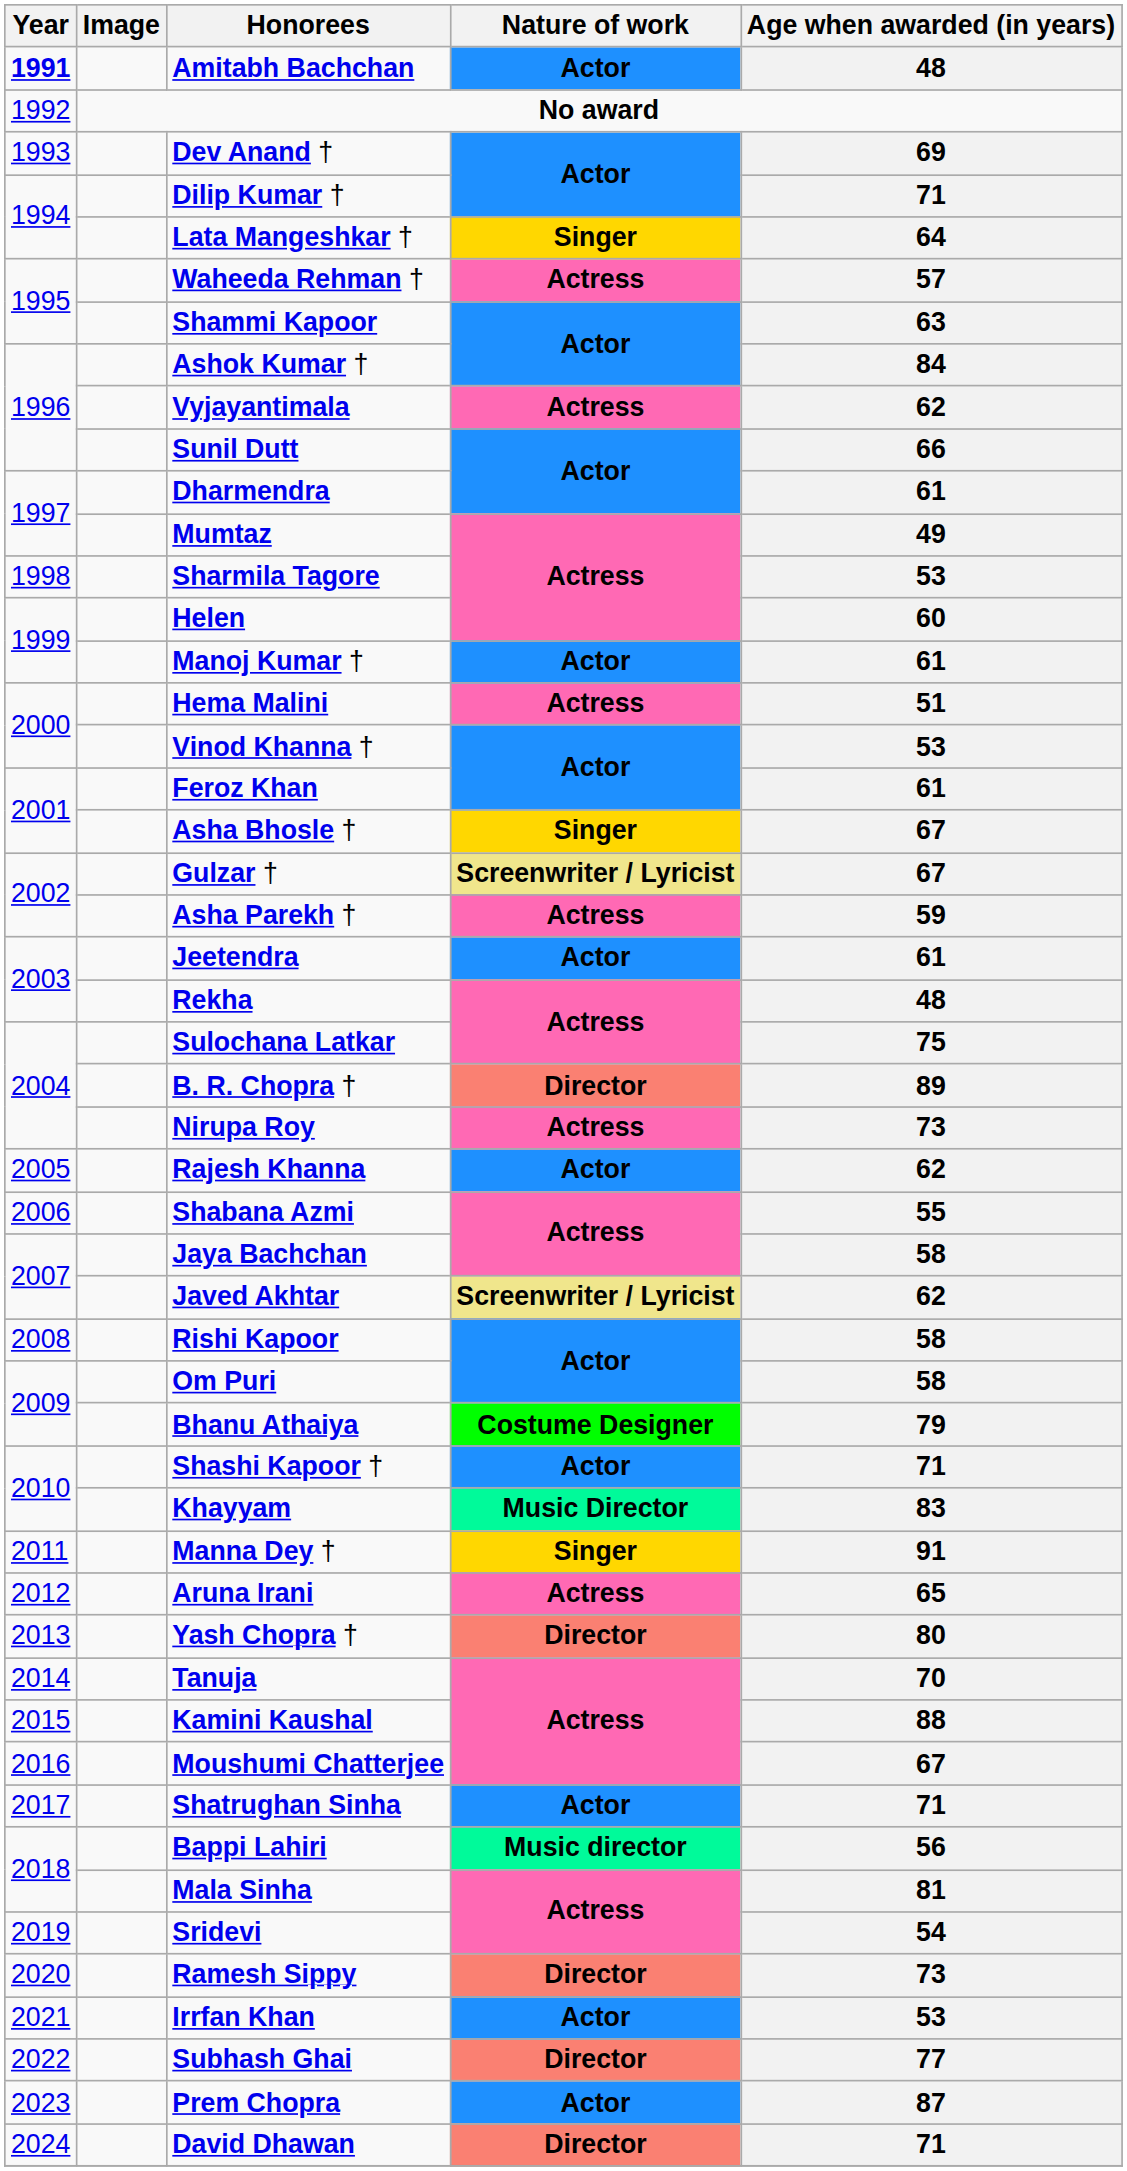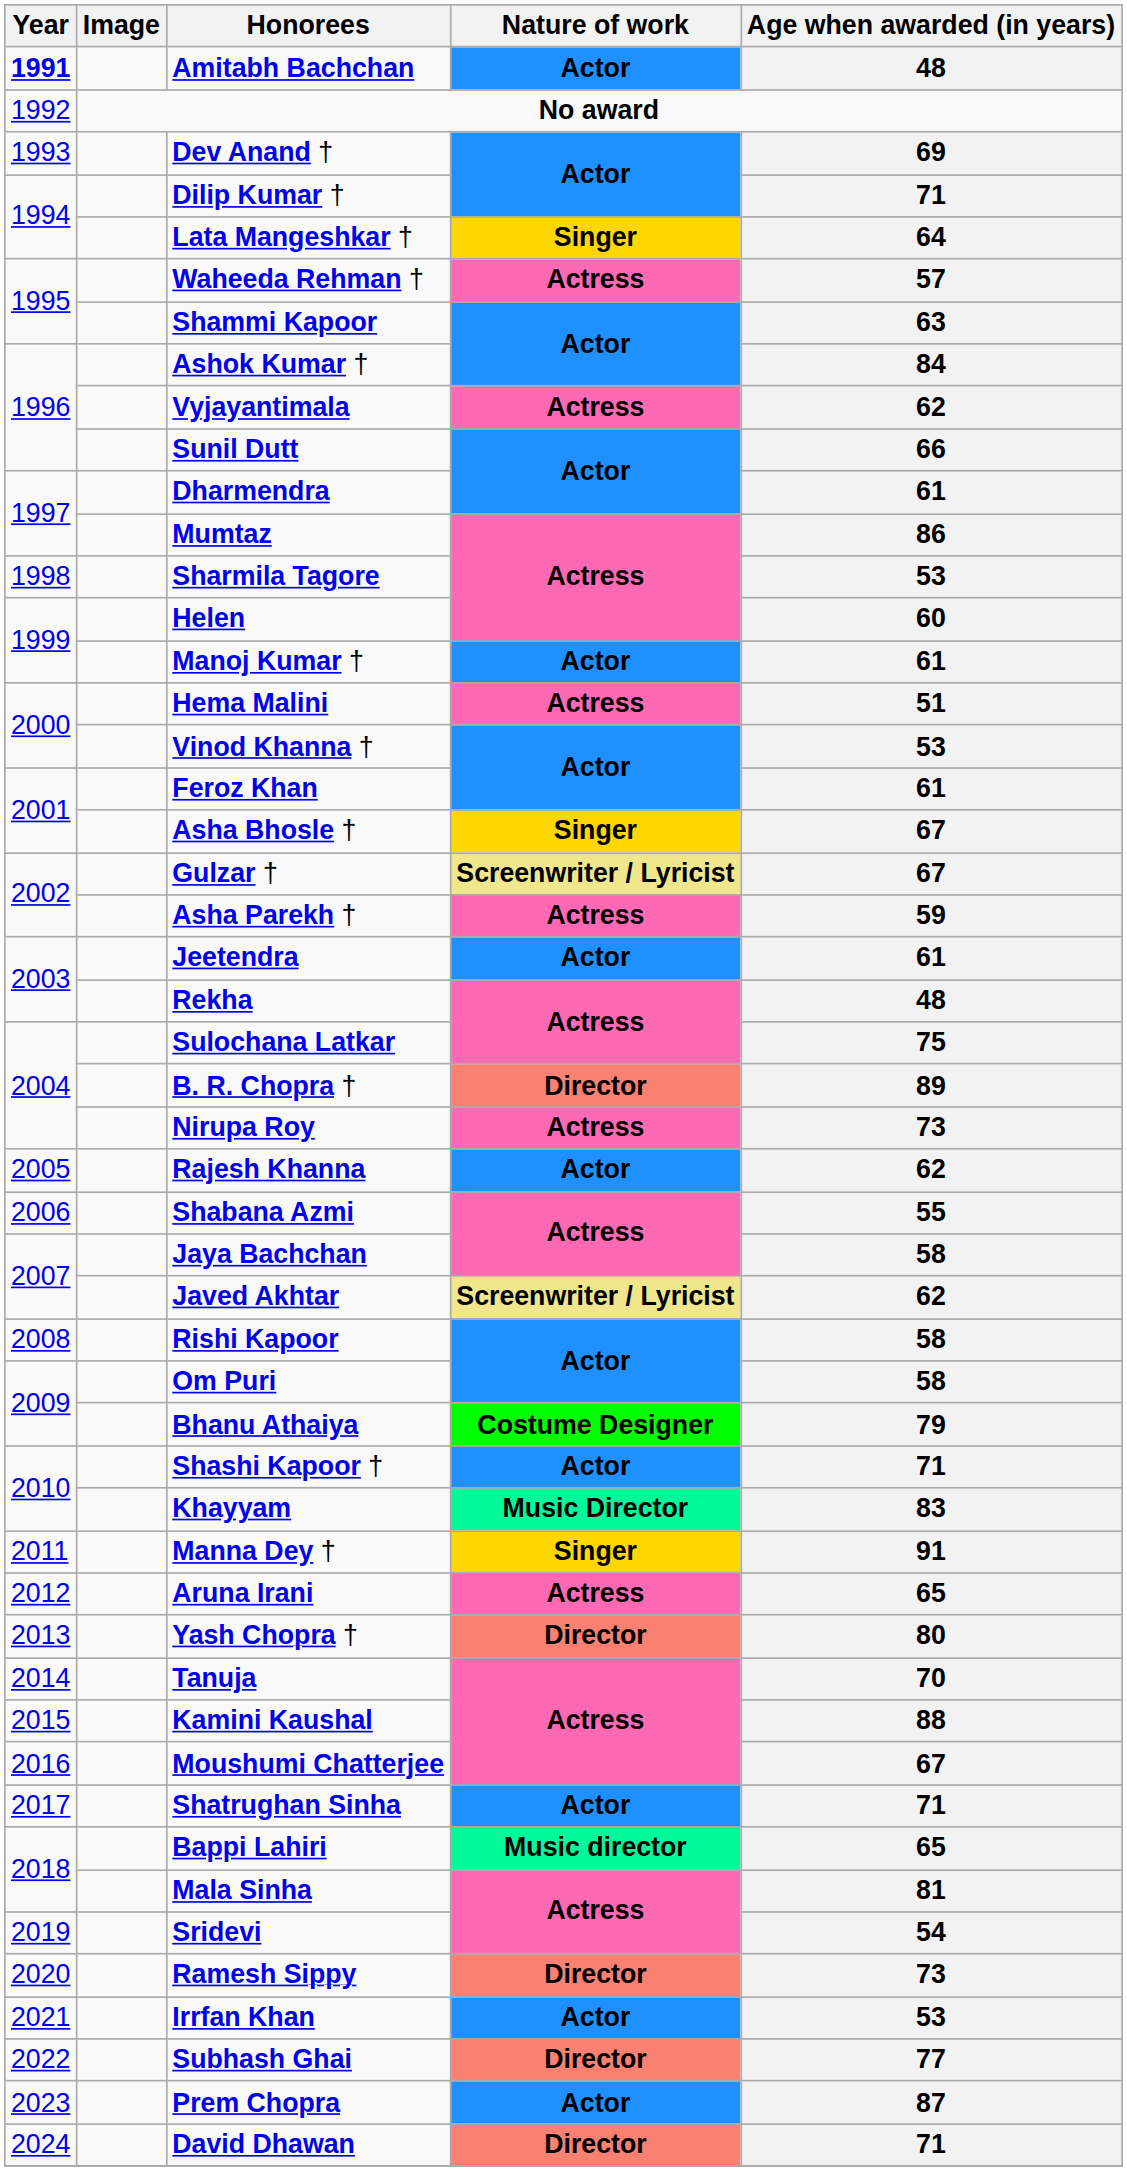 <table class="wikitable sortable">
 <tr>
 <th>Year</th>
 <th>Image</th>
 <th>Honorees</th>
 <th>Nature of work</th>
 <th>Age when awarded (in years)</th>
 </tr>
 <tr>
 <td><strong><a href='#'>1991</a></strong></td>
 <td></td>
 <td><strong><a href='#'>Amitabh Bachchan</a></strong></td>
 <th style="background:DodgerBlue;">Actor</th>
 <th align=center>48</th>
 </tr>
 <tr>
 <td><a href='#'>1992</a></td>
 <td colspan=4 align="center"><strong>No award</strong></td>
 </tr>
 <tr>
 <td><a href='#'>1993</a></td>
 <td></td>
 <td><strong><a href='#'>Dev Anand</a></strong> †</td>
 <th rowspan=2 style="background:DodgerBlue;">Actor</th>
 <th align=center>69</th>
 </tr>
 <tr>
 <td rowspan="2"><a href='#'>1994</a></td>
 <td></td>
 <td><strong><a href='#'>Dilip Kumar</a></strong> †</td>
 <th align=center>71</th>
 </tr>
 <tr>
 <td></td>
 <td><strong><a href='#'>Lata Mangeshkar</a></strong> †</td>
 <th style="background:Gold;">Singer</th>
 <th align=center>64</th>
 </tr>
 <tr>
 <td rowspan="2"><a href='#'>1995</a></td>
 <td></td>
 <td><strong><a href='#'>Waheeda Rehman</a></strong> †</td>
 <th style="background:HotPink;">Actress</th>
 <th align=center>57</th>
 </tr>
 <tr>
 <td></td>
 <td><strong><a href='#'>Shammi Kapoor</a></strong></td>
 <th rowspan=2 style="background:DodgerBlue;">Actor</th>
 <th align=center>63</th>
 </tr>
 <tr>
 <td rowspan="3"><a href='#'>1996</a></td>
 <td></td>
 <td><strong><a href='#'>Ashok Kumar</a></strong> †</td>
 <th align=center>84</th>
 </tr>
 <tr>
 <td></td>
 <td><strong><a href='#'>Vyjayantimala</a></strong></td>
 <th style="background:HotPink;">Actress</th>
 <th align=center>62</th>
 </tr>
 <tr>
 <td></td>
 <td><strong><a href='#'>Sunil Dutt</a></strong></td>
 <th rowspan=2 style="background:DodgerBlue;">Actor</th>
 <th align=center>66</th>
 </tr>
 <tr>
 <td rowspan="2"><a href='#'>1997</a></td>
 <td></td>
 <td><strong><a href='#'>Dharmendra</a></strong></td>
 <th align=center>61</th>
 </tr>
 <tr>
 <td></td>
 <td><strong><a href='#'>Mumtaz</a></strong></td>
 <th rowspan=3 style="background:HotPink;">Actress</th>
-<th align=center>49</th>
+<th align=center>86</th>
 </tr>
 <tr>
 <td><a href='#'>1998</a></td>
 <td></td>
 <td><strong><a href='#'>Sharmila Tagore</a></strong></td>
 <th align=center>53</th>
 </tr>
 <tr>
 <td rowspan="2"><a href='#'>1999</a></td>
 <td></td>
 <td><strong><a href='#'>Helen</a></strong></td>
 <th align=center>60</th>
 </tr>
 <tr>
 <td></td>
 <td><strong><a href='#'>Manoj Kumar</a></strong> †</td>
 <th style="background:DodgerBlue;">Actor</th>
 <th align=center>61</th>
 </tr>
 <tr>
 <td rowspan="2"><a href='#'>2000</a></td>
 <td></td>
 <td><strong><a href='#'>Hema Malini</a></strong></td>
 <th style="background:HotPink;">Actress</th>
 <th align=center>51</th>
 </tr>
 <tr>
 <td></td>
 <td><strong><a href='#'>Vinod Khanna</a></strong> †</td>
 <th rowspan=2 style="background:DodgerBlue;">Actor</th>
 <th align=center>53</th>
 </tr>
 <tr>
 <td rowspan="2"><a href='#'>2001</a></td>
 <td></td>
 <td><strong><a href='#'>Feroz Khan</a></strong></td>
 <th align=center>61</th>
 </tr>
 <tr>
 <td></td>
 <td><strong><a href='#'>Asha Bhosle</a></strong> †</td>
 <th style="background:Gold;">Singer</th>
 <th align=center>67</th>
 </tr>
 <tr>
 <td rowspan="2"><a href='#'>2002</a></td>
 <td></td>
 <td><strong><a href='#'>Gulzar</a></strong> †</td>
 <th style="background:Khaki;">Screenwriter / Lyricist</th>
 <th align=center>67</th>
 </tr>
 <tr>
 <td></td>
 <td><strong><a href='#'>Asha Parekh</a></strong> †</td>
 <th style="background:HotPink;">Actress</th>
 <th align=center>59</th>
 </tr>
 <tr>
 <td rowspan="2"><a href='#'>2003</a></td>
 <td></td>
 <td><strong><a href='#'>Jeetendra</a></strong></td>
 <th style="background:DodgerBlue;">Actor</th>
 <th align=center>61</th>
 </tr>
 <tr>
 <td></td>
 <td><strong><a href='#'>Rekha</a></strong></td>
 <th rowspan=2 style="background:HotPink;">Actress</th>
 <th align=center>48</th>
 </tr>
 <tr>
 <td rowspan="3"><a href='#'>2004</a></td>
 <td></td>
 <td><strong><a href='#'>Sulochana Latkar</a></strong></td>
 <th align=center>75</th>
 </tr>
 <tr>
 <td></td>
 <td><strong><a href='#'>B. R. Chopra</a></strong> †</td>
 <th style="background:Salmon;">Director</th>
 <th align=center>89</th>
 </tr>
 <tr>
 <td></td>
 <td><strong><a href='#'>Nirupa Roy</a></strong></td>
 <th style="background:HotPink;">Actress</th>
 <th align=center>73</th>
 </tr>
 <tr>
 <td><a href='#'>2005</a></td>
 <td></td>
 <td><strong><a href='#'>Rajesh Khanna</a></strong></td>
 <th style="background:DodgerBlue;">Actor</th>
 <th align=center>62</th>
 </tr>
 <tr>
 <td><a href='#'>2006</a></td>
 <td></td>
 <td><strong><a href='#'>Shabana Azmi</a></strong></td>
 <th rowspan=2 style="background:HotPink;">Actress</th>
 <th align=center>55</th>
 </tr>
 <tr>
 <td rowspan="2"><a href='#'>2007</a></td>
 <td></td>
 <td><strong><a href='#'>Jaya Bachchan</a></strong></td>
 <th align=center>58</th>
 </tr>
 <tr>
 <td></td>
 <td><strong><a href='#'>Javed Akhtar</a></strong></td>
 <th style="background:Khaki;">Screenwriter / Lyricist</th>
 <th align=center>62</th>
 </tr>
 <tr>
 <td><a href='#'>2008</a></td>
 <td></td>
 <td><strong><a href='#'>Rishi Kapoor</a></strong></td>
 <th rowspan=2 style="background:DodgerBlue;">Actor</th>
 <th align=center>58</th>
 </tr>
 <tr>
 <td rowspan="2"><a href='#'>2009</a></td>
 <td></td>
 <td><strong><a href='#'>Om Puri</a></strong></td>
 <th align=center>58</th>
 </tr>
 <tr>
 <td></td>
 <td><strong><a href='#'>Bhanu Athaiya</a></strong></td>
 <th style="background:Lime;">Costume Designer</th>
 <th align=center>79</th>
 </tr>
 <tr>
 <td rowspan="2"><a href='#'>2010</a></td>
 <td></td>
 <td><strong><a href='#'>Shashi Kapoor</a></strong> †</td>
 <th style="background:DodgerBlue;">Actor</th>
 <th align=center>71</th>
 </tr>
 <tr>
 <td></td>
 <td><strong><a href='#'>Khayyam</a></strong></td>
 <th style="background:MediumSpringGreen;">Music Director</th>
 <th align=center>83</th>
 </tr>
 <tr>
 <td><a href='#'>2011</a></td>
 <td></td>
 <td><strong><a href='#'>Manna Dey</a></strong> †</td>
 <th style="background:Gold;">Singer</th>
 <th align=center>91</th>
 </tr>
 <tr>
 <td><a href='#'>2012</a></td>
 <td></td>
 <td><strong><a href='#'>Aruna Irani</a></strong></td>
 <th style="background:HotPink;">Actress</th>
 <th align=center>65</th>
 </tr>
 <tr>
 <td><a href='#'>2013</a></td>
 <td></td>
 <td><strong><a href='#'>Yash Chopra</a></strong> †<br></td>
 <th style="background:Salmon;">Director</th>
 <th align=center>80</th>
 </tr>
 <tr>
 <td><a href='#'>2014</a></td>
 <td></td>
 <td><strong><a href='#'>Tanuja</a></strong></td>
 <th rowspan=3 style="background:HotPink;">Actress</th>
 <th align=center>70</th>
 </tr>
 <tr>
 <td><a href='#'>2015</a></td>
 <td></td>
 <td><strong><a href='#'>Kamini Kaushal</a></strong></td>
 <th align=center>88</th>
 </tr>
 <tr>
 <td><a href='#'>2016</a></td>
 <td></td>
 <td><strong><a href='#'>Moushumi Chatterjee</a></strong></td>
 <th align=center>67</th>
 </tr>
 <tr>
 <td><a href='#'>2017</a></td>
 <td></td>
 <td><strong><a href='#'>Shatrughan Sinha</a></strong></td>
 <th style="background:DodgerBlue;">Actor</th>
 <th align="center">71</th>
 </tr>
 <tr>
 <td rowspan="2"><a href='#'>2018</a></td>
 <td></td>
 <td><strong><a href='#'>Bappi Lahiri</a></strong></td>
 <th style="background:MediumSpringGreen;">Music director</th>
-<th align="center">56</th>
+<th align="center">65</th>
 </tr>
 <tr>
 <td></td>
 <td><strong><a href='#'>Mala Sinha</a></strong></td>
 <th rowspan=2 style="background:HotPink;">Actress</th>
 <th align = "center">81</th>
 </tr>
 <tr>
 <td><a href='#'>2019</a></td>
 <td></td>
 <td><strong><a href='#'>Sridevi</a></strong><br></td>
 <th align=center>54</th>
 </tr>
 <tr>
 <td><a href='#'>2020</a></td>
 <td></td>
 <td><strong><a href='#'>Ramesh Sippy</a></strong></td>
 <th style="background:Salmon;">Director</th>
 <th>73</th>
 </tr>
 <tr>
 <td><a href='#'>2021</a></td>
 <td></td>
 <td><strong><a href='#'>Irrfan Khan</a></strong><br></td>
 <th style="background:DodgerBlue;">Actor</th>
 <th align="center">53</th>
 </tr>
 <tr>
 <td><a href='#'>2022</a></td>
 <td></td>
 <td><strong><a href='#'>Subhash Ghai</a></strong></td>
 <th style="background:Salmon;">Director</th>
 <th align=center>77</th>
 </tr>
 <tr>
 <td><a href='#'>2023</a></td>
 <td></td>
 <td><strong><a href='#'>Prem Chopra</a></strong></td>
 <th style="background:DodgerBlue;">Actor</th>
 <th align="center">87</th>
 </tr>
 <tr>
 <td><a href='#'>2024</a></td>
 <td></td>
 <td><strong><a href='#'>David Dhawan</a></strong></td>
 <th style="background:Salmon;">Director</th>
 <th align=center>71</th>
 </tr>
 <tr>
 </tr>
 </table>
